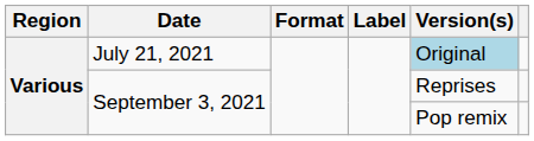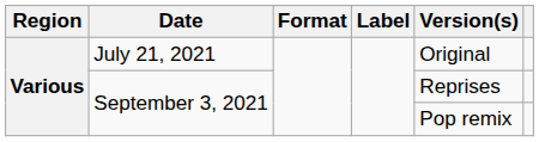 <table class="wikitable sortable plainrowheaders">
 <tr>
 <th scope="col">Region</th>
 <th scope="col">Date</th>
 <th scope="col">Format</th>
 <th scope="col">Label</th>
 <th scope="col">Version(s)</th>
 <th scope="col"></th>
 </tr>
 <tr>
 <th rowspan="3" scope="row">Various</th>
 <td>July 21, 2021</td>
 <td rowspan="3"></td>
 <td rowspan="3"></td>
-<td style="background: lightblue;">Original</td>
+<td>Original</td>
 <td></td>
 </tr>
 <tr>
 <td rowspan="2">September 3, 2021</td>
 <td>Reprises</td>
 <td></td>
 </tr>
 <tr>
 <td>Pop remix</td>
 <td></td>
 </tr>
 </table>
